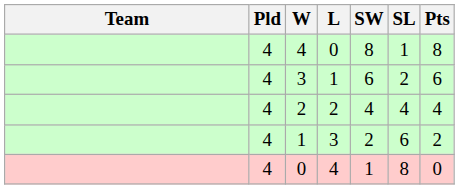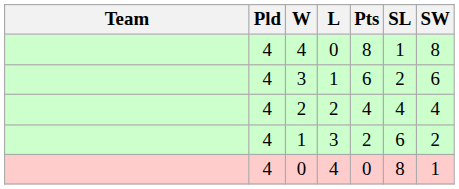 <table class=wikitable style="text-align:center">
 <tr>
 <th width=200>Team</th>
 <th width=20>Pld</th>
 <th width=20>W</th>
 <th width=20>L</th>
+<th width=20>Pts</th>
+<th width=20>SL</th>
 <th width=20>SW</th>
-<th width=20>SL</th>
-<th width=20>Pts</th>
 </tr>
 <tr bgcolor=#ccffcc>
 <td align=left></td>
 <td>4</td>
 <td>4</td>
 <td>0</td>
 <td>8</td>
 <td>1</td>
 <td>8</td>
 </tr>
 <tr bgcolor=#ccffcc>
 <td align=left></td>
 <td>4</td>
 <td>3</td>
 <td>1</td>
 <td>6</td>
 <td>2</td>
 <td>6</td>
 </tr>
 <tr bgcolor=#ccffcc>
 <td align=left></td>
 <td>4</td>
 <td>2</td>
 <td>2</td>
 <td>4</td>
 <td>4</td>
 <td>4</td>
 </tr>
 <tr bgcolor=#ccffcc>
 <td align=left></td>
 <td>4</td>
 <td>1</td>
 <td>3</td>
 <td>2</td>
 <td>6</td>
 <td>2</td>
 </tr>
 <tr bgcolor=#ffcccc>
 <td align=left></td>
 <td>4</td>
 <td>0</td>
 <td>4</td>
+<td>0</td>
+<td>8</td>
 <td>1</td>
-<td>8</td>
-<td>0</td>
 </tr>
 </table>
